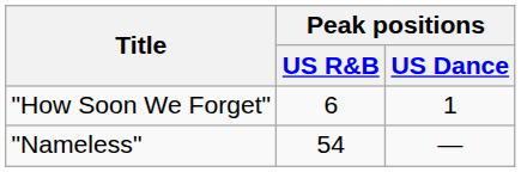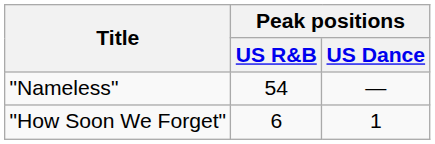 <table class="wikitable">
 <tr>
 <th rowspan="2">Title</th>
 <th colspan="2">Peak positions</th>
 </tr>
 <tr>
 <th style="colwidth:50em"><a href='#'>US R&B</a></th>
 <th><a href='#'>US Dance</a></th>
 </tr>
 <tr>
+<td>"Nameless"</td>
+<td style="text-align:center">54</td>
+<td style="text-align:center">—</td>
+</tr>
+<tr>
 <td>"How Soon We Forget"</td>
 <td style="text-align:center">6</td>
 <td style="text-align:center">1</td>
 </tr>
-<tr>
-<td>"Nameless"</td>
-<td style="text-align:center">54</td>
-<td style="text-align:center">—</td>
-</tr>
 </table>
